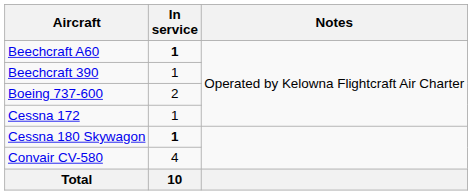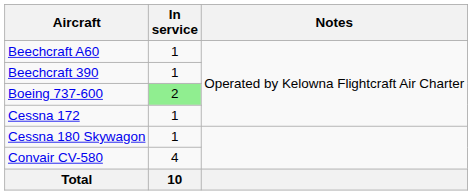 <table class="wikitable" style="margin:0.5em auto; text-align:center">
 <tr>
 <th>Aircraft</th>
 <th>In<br>service</th>
 <th>Notes</th>
 </tr>
 <tr>
 <td align=left><a href='#'>Beechcraft A60</a></td>
-<td><strong>1</strong></td>
+<td>1</td>
 <td rowspan=4 align=left>Operated by Kelowna Flightcraft Air Charter</td>
 </tr>
 <tr>
 <td align=left><a href='#'>Beechcraft 390</a></td>
 <td>1</td>
 </tr>
 <tr>
 <td align=left><a href='#'>Boeing 737-600</a></td>
-<td>2</td>
+<td style="background: lightgreen;">2</td>
 </tr>
 <tr>
 <td align=left><a href='#'>Cessna 172</a></td>
 <td>1</td>
 </tr>
 <tr>
 <td align=left><a href='#'>Cessna 180 Skywagon</a></td>
-<td><strong>1</strong></td>
+<td>1</td>
 </tr>
 <tr>
 <td align=left><a href='#'>Convair CV-580</a></td>
 <td>4</td>
 </tr>
 <tr>
 <th>Total</th>
 <th>10</th>
 <th></th>
 </tr>
 </table>
